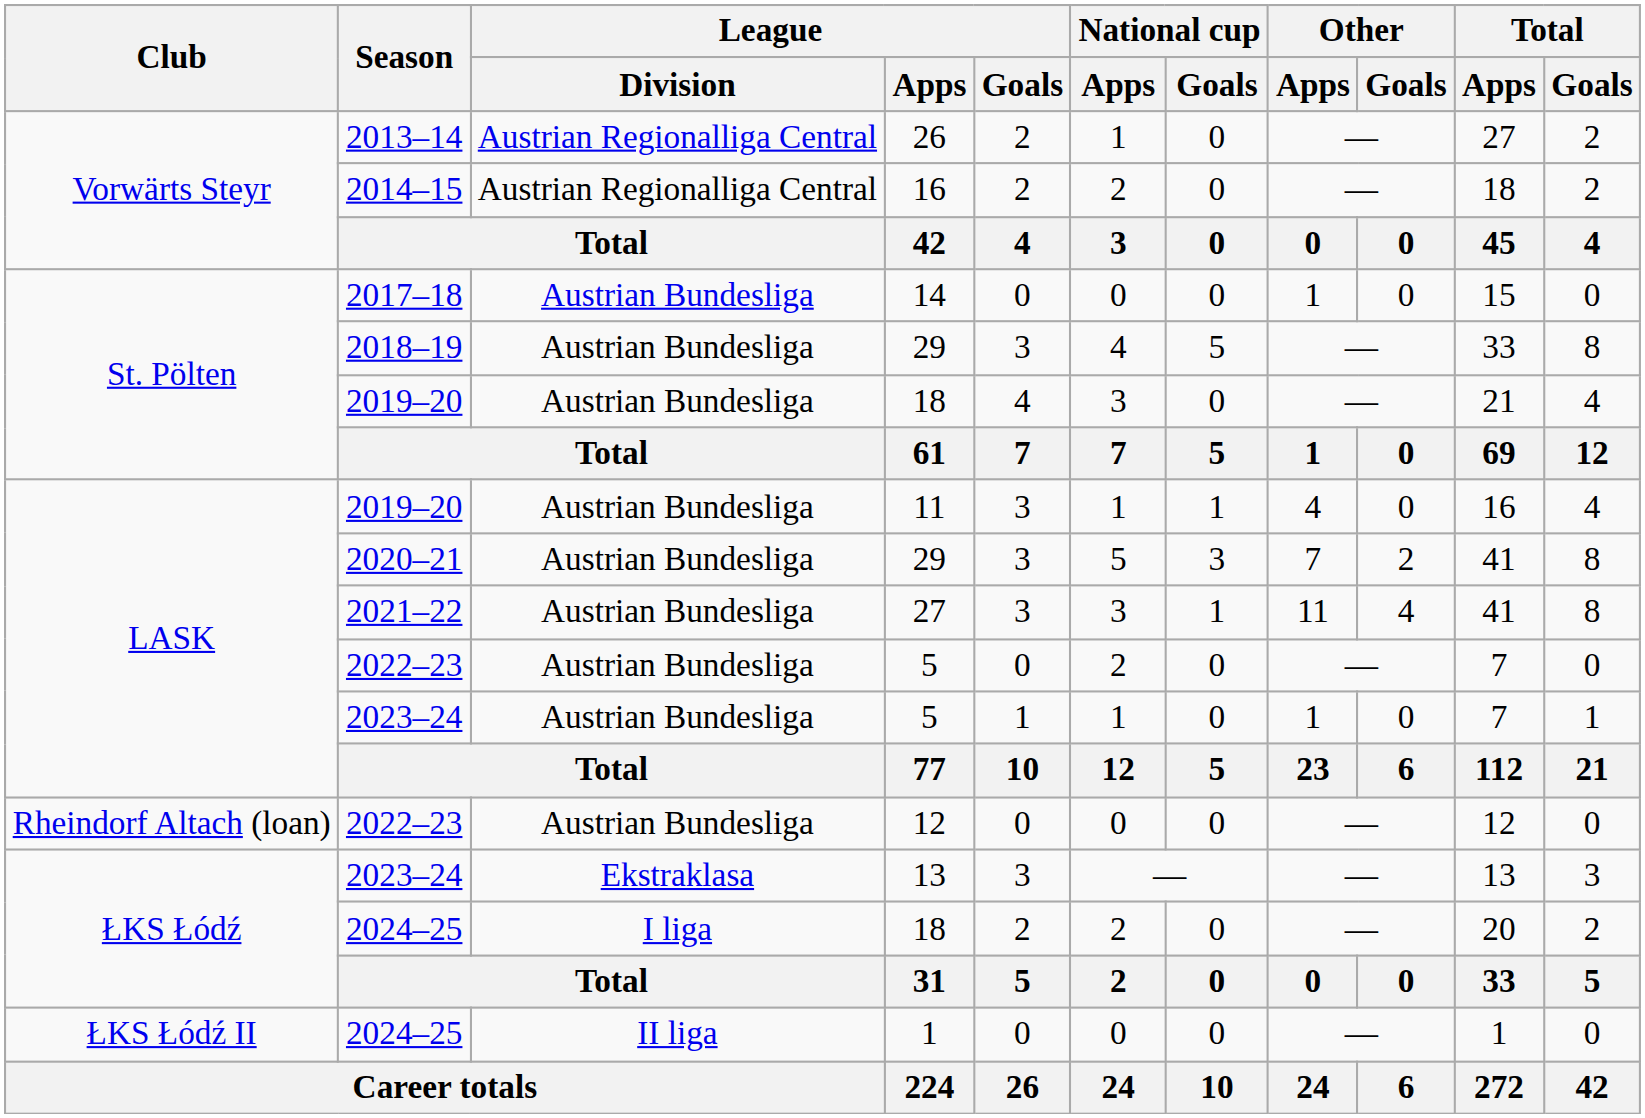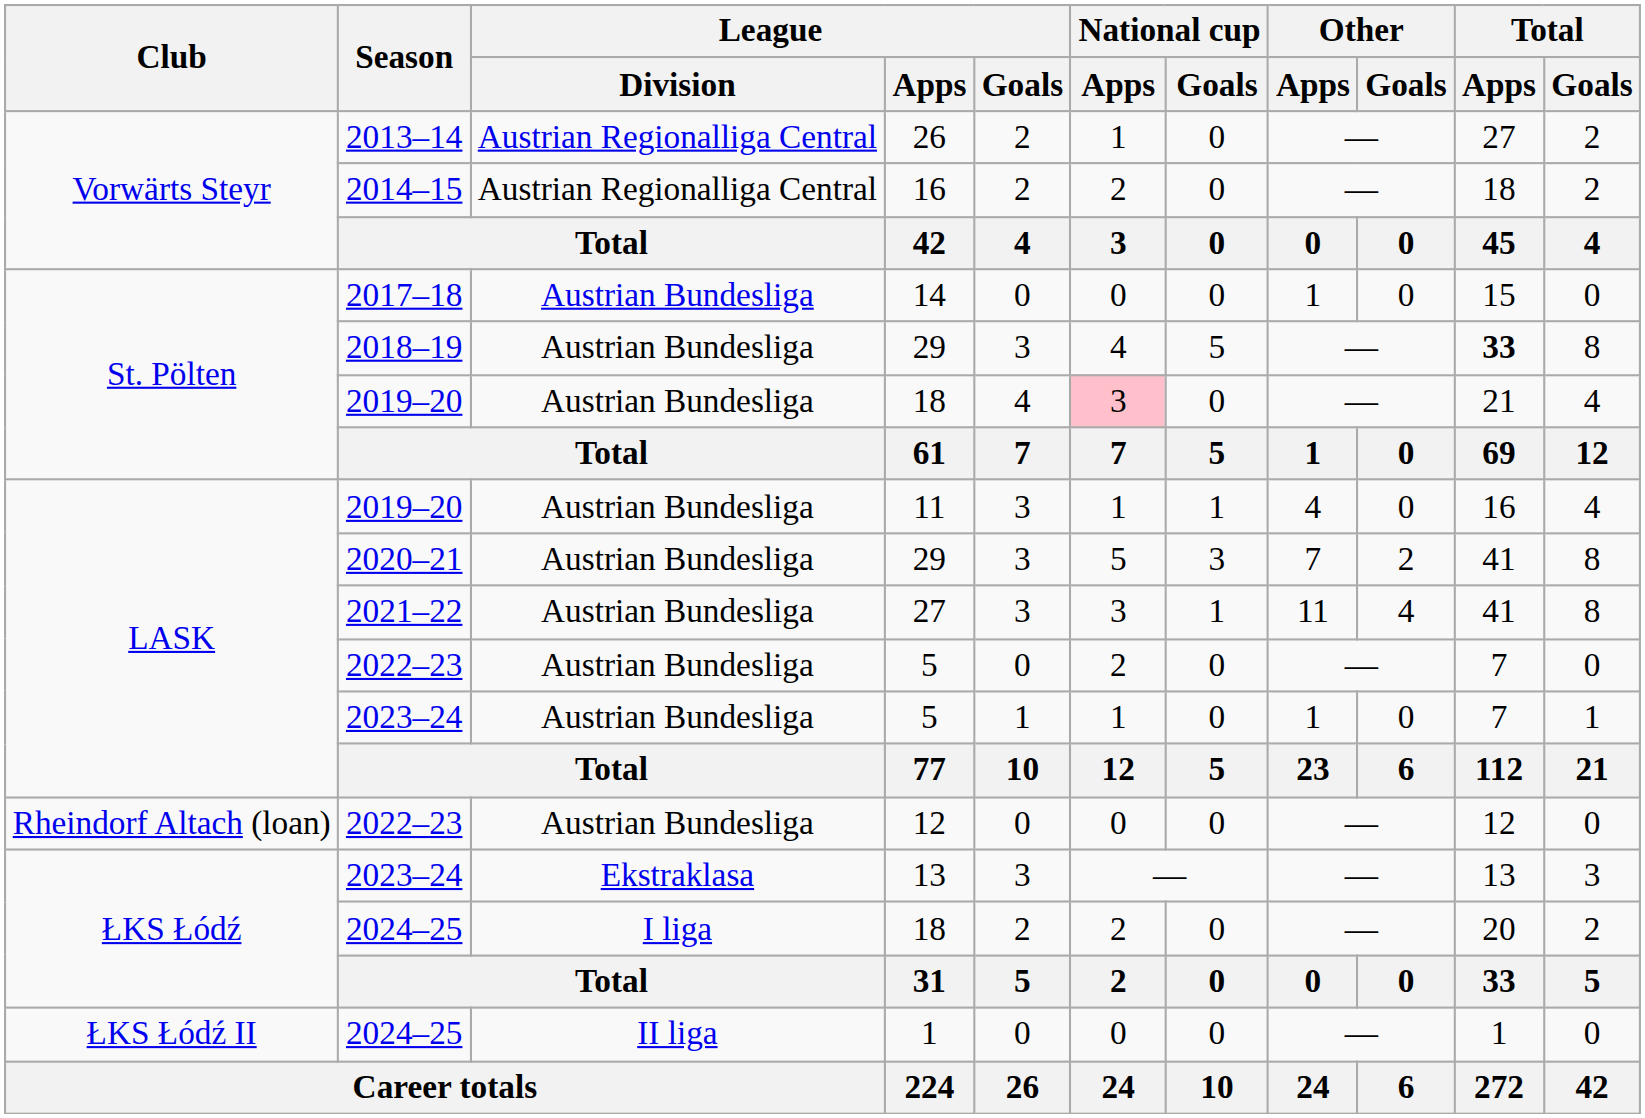 <table class="wikitable" style="text-align: center;">
 <tr>
 <th rowspan="2">Club</th>
 <th rowspan="2">Season</th>
 <th colspan="3">League</th>
 <th colspan="2">National cup</th>
 <th colspan="2">Other</th>
 <th colspan="2">Total</th>
 </tr>
 <tr>
 <th>Division</th>
 <th>Apps</th>
 <th>Goals</th>
 <th>Apps</th>
 <th>Goals</th>
 <th>Apps</th>
 <th>Goals</th>
 <th>Apps</th>
 <th>Goals</th>
 </tr>
 <tr>
 <td rowspan="3"><a href='#'>Vorwärts Steyr</a></td>
 <td><a href='#'>2013–14</a></td>
 <td><a href='#'>Austrian Regionalliga Central</a></td>
 <td>26</td>
 <td>2</td>
 <td>1</td>
 <td>0</td>
 <td colspan="2">—</td>
 <td>27</td>
 <td>2</td>
 </tr>
 <tr>
 <td><a href='#'>2014–15</a></td>
 <td>Austrian Regionalliga Central</td>
 <td>16</td>
 <td>2</td>
 <td>2</td>
 <td>0</td>
 <td colspan="2">—</td>
 <td>18</td>
 <td>2</td>
 </tr>
 <tr>
 <th colspan="2">Total</th>
 <th>42</th>
 <th>4</th>
 <th>3</th>
 <th>0</th>
 <th>0</th>
 <th>0</th>
 <th>45</th>
 <th>4</th>
 </tr>
 <tr>
 <td rowspan="4"><a href='#'>St. Pölten</a></td>
 <td><a href='#'>2017–18</a></td>
 <td><a href='#'>Austrian Bundesliga</a></td>
 <td>14</td>
 <td>0</td>
 <td>0</td>
 <td>0</td>
 <td>1</td>
 <td>0</td>
 <td>15</td>
 <td>0</td>
 </tr>
 <tr>
 <td><a href='#'>2018–19</a></td>
 <td>Austrian Bundesliga</td>
 <td>29</td>
 <td>3</td>
 <td>4</td>
 <td>5</td>
 <td colspan="2">—</td>
-<td>33</td>
+<td><strong>33</strong></td>
 <td>8</td>
 </tr>
 <tr>
 <td><a href='#'>2019–20</a></td>
 <td>Austrian Bundesliga</td>
 <td>18</td>
 <td>4</td>
-<td>3</td>
+<td style="background: pink;">3</td>
 <td>0</td>
 <td colspan="2">—</td>
 <td>21</td>
 <td>4</td>
 </tr>
 <tr>
 <th colspan="2">Total</th>
 <th>61</th>
 <th>7</th>
 <th>7</th>
 <th>5</th>
 <th>1</th>
 <th>0</th>
 <th>69</th>
 <th>12</th>
 </tr>
 <tr>
 <td rowspan="6"><a href='#'>LASK</a></td>
 <td><a href='#'>2019–20</a></td>
 <td>Austrian Bundesliga</td>
 <td>11</td>
 <td>3</td>
 <td>1</td>
 <td>1</td>
 <td>4</td>
 <td>0</td>
 <td>16</td>
 <td>4</td>
 </tr>
 <tr>
 <td><a href='#'>2020–21</a></td>
 <td>Austrian Bundesliga</td>
 <td>29</td>
 <td>3</td>
 <td>5</td>
 <td>3</td>
 <td>7</td>
 <td>2</td>
 <td>41</td>
 <td>8</td>
 </tr>
 <tr>
 <td><a href='#'>2021–22</a></td>
 <td>Austrian Bundesliga</td>
 <td>27</td>
 <td>3</td>
 <td>3</td>
 <td>1</td>
 <td>11</td>
 <td>4</td>
 <td>41</td>
 <td>8</td>
 </tr>
 <tr>
 <td><a href='#'>2022–23</a></td>
 <td>Austrian Bundesliga</td>
 <td>5</td>
 <td>0</td>
 <td>2</td>
 <td>0</td>
 <td colspan="2">—</td>
 <td>7</td>
 <td>0</td>
 </tr>
 <tr>
 <td><a href='#'>2023–24</a></td>
 <td>Austrian Bundesliga</td>
 <td>5</td>
 <td>1</td>
 <td>1</td>
 <td>0</td>
 <td>1</td>
 <td>0</td>
 <td>7</td>
 <td>1</td>
 </tr>
 <tr>
 <th colspan="2">Total</th>
 <th>77</th>
 <th>10</th>
 <th>12</th>
 <th>5</th>
 <th>23</th>
 <th>6</th>
 <th>112</th>
 <th>21</th>
 </tr>
 <tr>
 <td><a href='#'>Rheindorf Altach</a> (loan)</td>
 <td><a href='#'>2022–23</a></td>
 <td>Austrian Bundesliga</td>
 <td>12</td>
 <td>0</td>
 <td>0</td>
 <td>0</td>
 <td colspan="2">—</td>
 <td>12</td>
 <td>0</td>
 </tr>
 <tr>
 <td rowspan="3"><a href='#'>ŁKS Łódź</a></td>
 <td><a href='#'>2023–24</a></td>
 <td><a href='#'>Ekstraklasa</a></td>
 <td>13</td>
 <td>3</td>
 <td colspan="2">—</td>
 <td colspan="2">—</td>
 <td>13</td>
 <td>3</td>
 </tr>
 <tr>
 <td><a href='#'>2024–25</a></td>
 <td><a href='#'>I liga</a></td>
 <td>18</td>
 <td>2</td>
 <td>2</td>
 <td>0</td>
 <td colspan="2">—</td>
 <td>20</td>
 <td>2</td>
 </tr>
 <tr>
 <th colspan="2">Total</th>
 <th>31</th>
 <th>5</th>
 <th>2</th>
 <th>0</th>
 <th>0</th>
 <th>0</th>
 <th>33</th>
 <th>5</th>
 </tr>
 <tr>
 <td><a href='#'>ŁKS Łódź II</a></td>
 <td><a href='#'>2024–25</a></td>
 <td><a href='#'>II liga</a></td>
 <td>1</td>
 <td>0</td>
 <td>0</td>
 <td>0</td>
 <td colspan="2">—</td>
 <td>1</td>
 <td>0</td>
 </tr>
 <tr>
 <th colspan="3">Career totals</th>
 <th>224</th>
 <th>26</th>
 <th>24</th>
 <th>10</th>
 <th>24</th>
 <th>6</th>
 <th>272</th>
 <th>42</th>
 </tr>
 </table>
